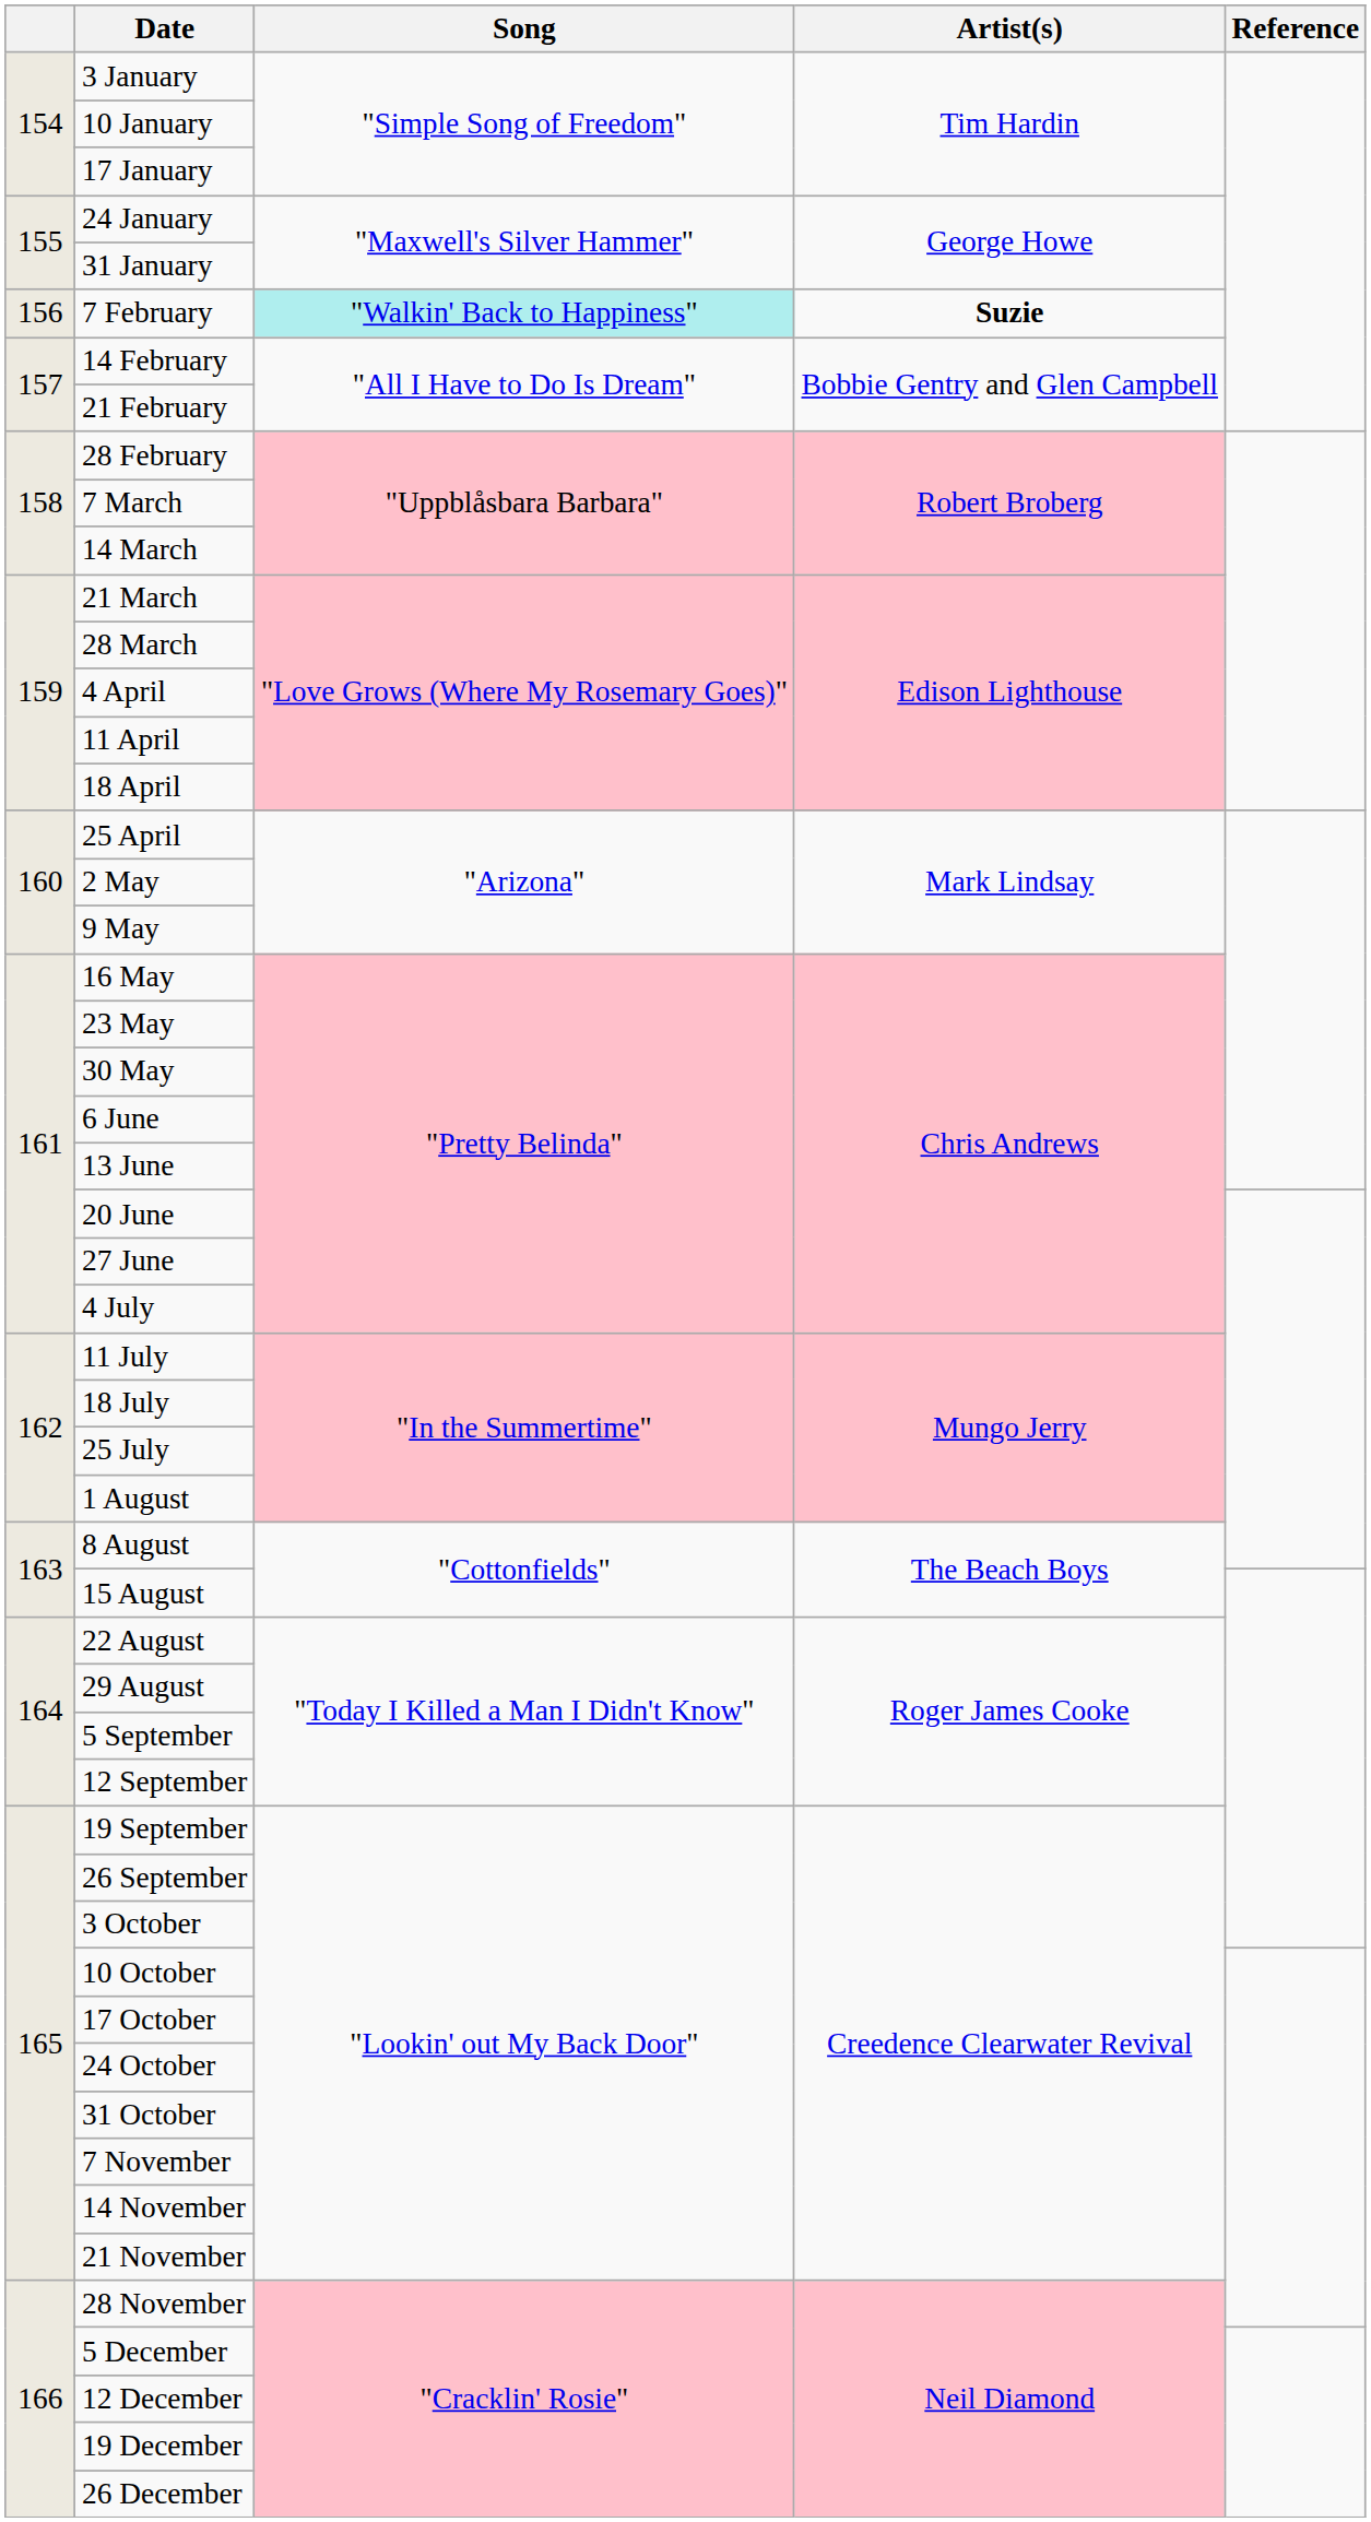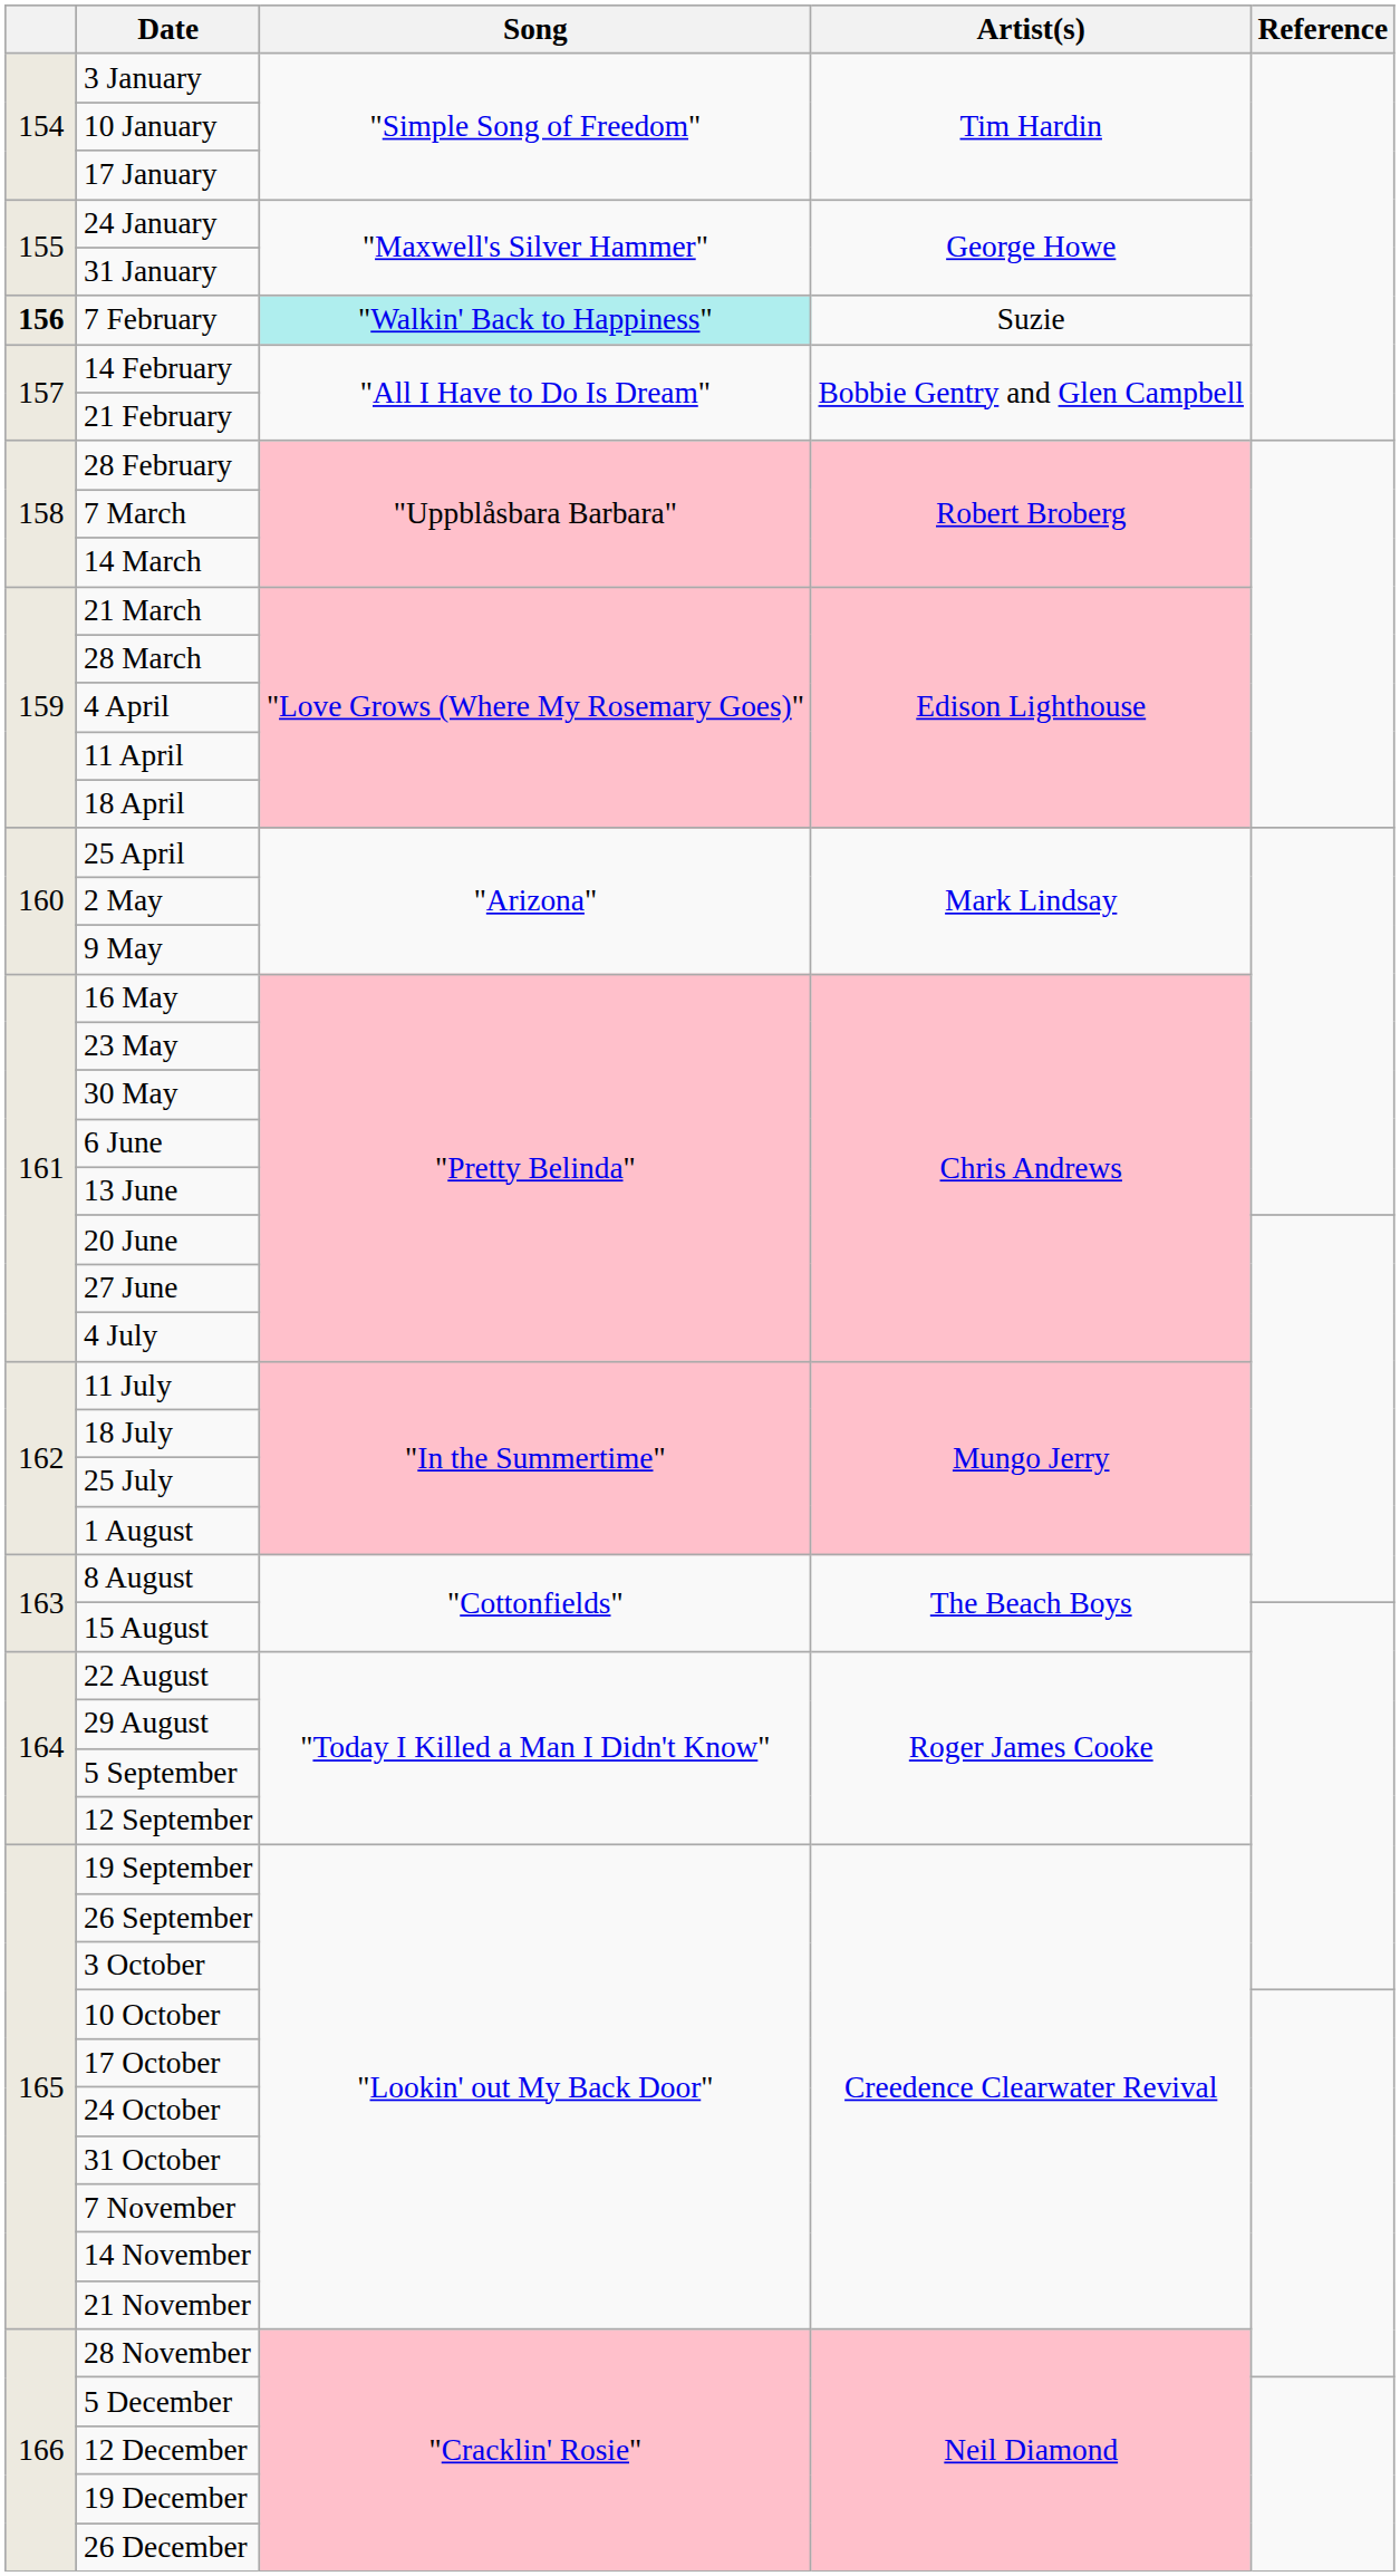 <table class="wikitable">
 <tr>
 <th width="30"></th>
 <th>Date</th>
 <th>Song</th>
 <th>Artist(s)</th>
 <th>Reference</th>
 </tr>
 <tr>
 <td rowspan="3" bgcolor="#EDEAE0" align="center">154</td>
 <td>3 January</td>
 <td rowspan="3" align="center">"<a href='#'>Simple Song of Freedom</a>"</td>
 <td rowspan="3" align="center"><a href='#'>Tim Hardin</a></td>
 <td rowspan="8" align="center"></td>
 </tr>
 <tr>
 <td>10 January</td>
 </tr>
 <tr>
 <td>17 January</td>
 </tr>
 <tr>
 <td rowspan="2" bgcolor="#EDEAE0" align="center">155</td>
 <td>24 January</td>
 <td rowspan="2" align="center">"<a href='#'>Maxwell's Silver Hammer</a>"</td>
 <td rowspan="2" align="center"><a href='#'>George Howe</a></td>
 </tr>
 <tr>
 <td>31 January</td>
 </tr>
 <tr>
-<td bgcolor="#EDEAE0" align="center">156</td>
+<td bgcolor="#EDEAE0" align="center"><strong>156</strong></td>
 <td>7 February</td>
 <td align="center" style="background: paleturquoise;">"<a href='#'>Walkin' Back to Happiness</a>"</td>
-<td align="center"><strong>Suzie</strong></td>
+<td align="center">Suzie</td>
 </tr>
 <tr>
 <td rowspan="2" bgcolor="#EDEAE0" align="center">157</td>
 <td>14 February</td>
 <td rowspan="2" align="center">"<a href='#'>All I Have to Do Is Dream</a>"</td>
 <td rowspan="2" align="center"><a href='#'>Bobbie Gentry</a> and <a href='#'>Glen Campbell</a></td>
 </tr>
 <tr>
 <td>21 February</td>
 </tr>
 <tr>
 <td rowspan="3" bgcolor="#EDEAE0" align="center">158</td>
 <td>28 February</td>
 <td rowspan="3" align="center" bgcolor="pink">"Uppblåsbara Barbara"</td>
 <td rowspan="3" align="center" bgcolor="pink"><a href='#'>Robert Broberg</a></td>
 <td rowspan="8" align="center"></td>
 </tr>
 <tr>
 <td>7 March</td>
 </tr>
 <tr>
 <td>14 March</td>
 </tr>
 <tr>
 <td rowspan="5" bgcolor="#EDEAE0" align="center">159</td>
 <td>21 March</td>
 <td rowspan="5" align="center" bgcolor="pink">"<a href='#'>Love Grows (Where My Rosemary Goes)</a>"</td>
 <td rowspan="5" align="center" bgcolor="pink"><a href='#'>Edison Lighthouse</a></td>
 </tr>
 <tr>
 <td>28 March</td>
 </tr>
 <tr>
 <td>4 April</td>
 </tr>
 <tr>
 <td>11 April</td>
 </tr>
 <tr>
 <td>18 April</td>
 </tr>
 <tr>
 <td rowspan="3" bgcolor="#EDEAE0" align="center">160</td>
 <td>25 April</td>
 <td rowspan="3" align="center">"<a href='#'>Arizona</a>"</td>
 <td rowspan="3" align="center"><a href='#'>Mark Lindsay</a></td>
 <td rowspan="8" align="center"></td>
 </tr>
 <tr>
 <td>2 May</td>
 </tr>
 <tr>
 <td>9 May</td>
 </tr>
 <tr>
 <td rowspan="8" bgcolor="#EDEAE0" align="center">161</td>
 <td>16 May</td>
 <td rowspan="8" align="center" bgcolor="pink">"<a href='#'>Pretty Belinda</a>"</td>
 <td rowspan="8" align="center" bgcolor="pink"><a href='#'>Chris Andrews</a></td>
 </tr>
 <tr>
 <td>23 May</td>
 </tr>
 <tr>
 <td>30 May</td>
 </tr>
 <tr>
 <td>6 June</td>
 </tr>
 <tr>
 <td>13 June</td>
 </tr>
 <tr>
 <td>20 June</td>
 <td rowspan="8" align="center"></td>
 </tr>
 <tr>
 <td>27 June</td>
 </tr>
 <tr>
 <td>4 July</td>
 </tr>
 <tr>
 <td rowspan="4" bgcolor="#EDEAE0" align="center">162</td>
 <td>11 July</td>
 <td rowspan="4" align="center" bgcolor="pink">"<a href='#'>In the Summertime</a>"</td>
 <td rowspan="4" align="center" bgcolor="pink"><a href='#'>Mungo Jerry</a></td>
 </tr>
 <tr>
 <td>18 July</td>
 </tr>
 <tr>
 <td>25 July</td>
 </tr>
 <tr>
 <td>1 August</td>
 </tr>
 <tr>
 <td rowspan="2" bgcolor="#EDEAE0" align="center">163</td>
 <td>8 August</td>
 <td rowspan="2" align="center">"<a href='#'>Cottonfields</a>"</td>
 <td rowspan="2" align="center"><a href='#'>The Beach Boys</a></td>
 </tr>
 <tr>
 <td>15 August</td>
 <td rowspan="8" align="center"></td>
 </tr>
 <tr>
 <td rowspan="4" bgcolor="#EDEAE0" align="center">164</td>
 <td>22 August</td>
 <td rowspan="4" align="center">"<a href='#'>Today I Killed a Man I Didn't Know</a>"</td>
 <td rowspan="4" align="center"><a href='#'>Roger James Cooke</a></td>
 </tr>
 <tr>
 <td>29 August</td>
 </tr>
 <tr>
 <td>5 September</td>
 </tr>
 <tr>
 <td>12 September</td>
 </tr>
 <tr>
 <td rowspan="10" bgcolor="#EDEAE0" align="center">165</td>
 <td>19 September</td>
 <td rowspan="10" align="center">"<a href='#'>Lookin' out My Back Door</a>"</td>
 <td rowspan="10" align="center"><a href='#'>Creedence Clearwater Revival</a></td>
 </tr>
 <tr>
 <td>26 September</td>
 </tr>
 <tr>
 <td>3 October</td>
 </tr>
 <tr>
 <td>10 October</td>
 <td rowspan="8" align="center"></td>
 </tr>
 <tr>
 <td>17 October</td>
 </tr>
 <tr>
 <td>24 October</td>
 </tr>
 <tr>
 <td>31 October</td>
 </tr>
 <tr>
 <td>7 November</td>
 </tr>
 <tr>
 <td>14 November</td>
 </tr>
 <tr>
 <td>21 November</td>
 </tr>
 <tr>
 <td rowspan="5" bgcolor="#EDEAE0" align="center">166</td>
 <td>28 November</td>
 <td rowspan="5" align="center" bgcolor="pink">"<a href='#'>Cracklin' Rosie</a>"</td>
 <td rowspan="5" align="center" bgcolor="pink"><a href='#'>Neil Diamond</a></td>
 </tr>
 <tr>
 <td>5 December</td>
 <td rowspan="4" align="center"></td>
 </tr>
 <tr>
 <td>12 December</td>
 </tr>
 <tr>
 <td>19 December</td>
 </tr>
 <tr>
 <td>26 December</td>
 </tr>
 </table>
